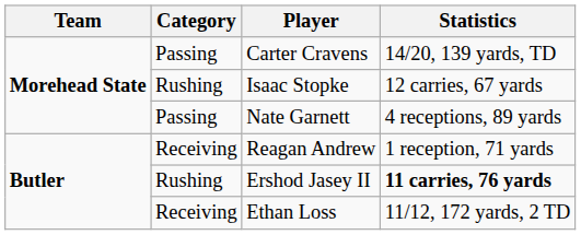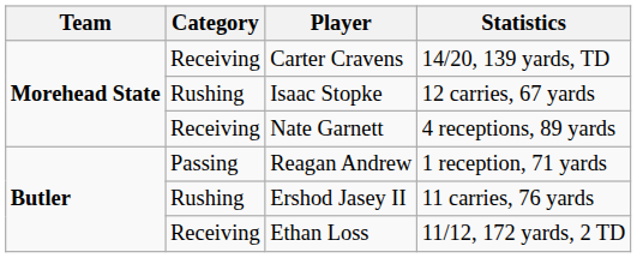 <table class="wikitable" style="float: right;">
 <tr>
 <th>Team</th>
 <th>Category</th>
 <th>Player</th>
 <th>Statistics</th>
 </tr>
 <tr>
 <td rowspan=3><strong>Morehead State</strong></td>
-<td>Passing</td>
+<td>Receiving</td>
 <td>Carter Cravens</td>
 <td>14/20, 139 yards, TD</td>
 </tr>
 <tr>
 <td>Rushing</td>
 <td>Isaac Stopke</td>
 <td>12 carries, 67 yards</td>
 </tr>
 <tr>
-<td>Passing</td>
+<td>Receiving</td>
 <td>Nate Garnett</td>
 <td>4 receptions, 89 yards</td>
 </tr>
 <tr>
 <td rowspan=3><strong>Butler</strong></td>
-<td>Receiving</td>
+<td>Passing</td>
 <td>Reagan Andrew</td>
 <td>1 reception, 71 yards</td>
 </tr>
 <tr>
 <td>Rushing</td>
 <td>Ershod Jasey II</td>
-<td><strong>11 carries, 76 yards</strong></td>
+<td>11 carries, 76 yards</td>
 </tr>
 <tr>
 <td>Receiving</td>
 <td>Ethan Loss</td>
 <td>11/12, 172 yards, 2 TD</td>
 </tr>
 </table>
